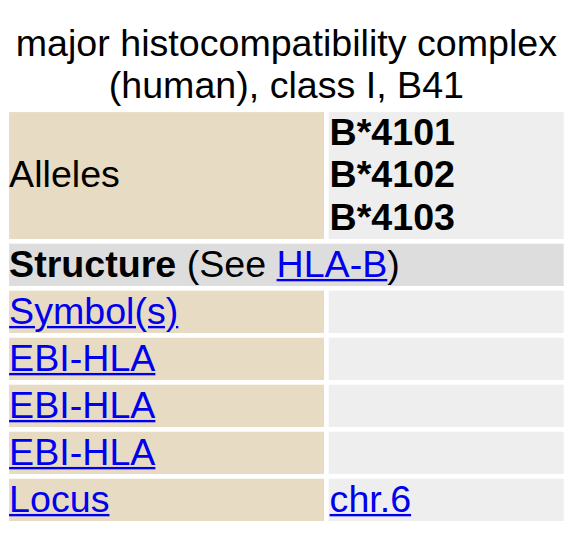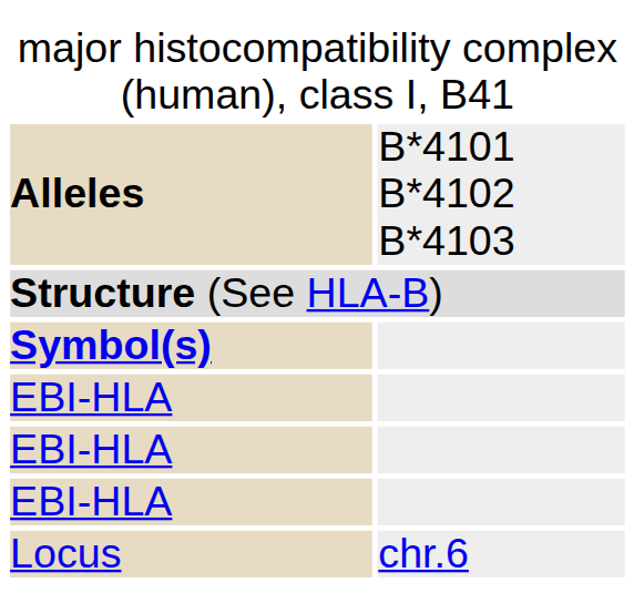 <table id="drugInfoBox" style="float: right; clear: right; margin: 0 0 0.5em 1em; background: #ffffff;" class="toccolours" border=0 cellpadding=0 align=right width="240px">
 <tr>
 <td align="center" colspan="3"></td>
 </tr>
 <tr style="text-align: center; line-height: 1.00;background:#eeeeee">
 <td colspan="3" color="white"></td>
 </tr>
 <tr>
 <td align="center" colspan="2"></td>
 </tr>
 <tr>
 <td align="center" colspan="2"><div>major histocompatibility complex (human), class I, B41</div></td>
 </tr>
 <tr>
-<td bgcolor="#e7dcc3">Alleles</td>
-<td bgcolor="#eeeeee"><strong>B*4101 <br> B*4102 <br> B*4103 <br></strong></td>
+<td bgcolor="#e7dcc3"><strong>Alleles</strong></td>
+<td bgcolor="#eeeeee">B*4101 <br> B*4102 <br> B*4103 <br></td>
 </tr>
 <tr>
 <td colspan="2" bgcolor="#dddddd"><strong>Structure</strong> (See <a href='#'>HLA-B</a>)</td>
 </tr>
 <tr>
-<td bgcolor="#e7dcc3"><a href='#'>Symbol(s)</a></td>
+<td bgcolor="#e7dcc3"><strong><a href='#'>Symbol(s)</a></strong></td>
 <td bgcolor="#eeeeee"></td>
 </tr>
 <tr>
 <td bgcolor="#e7dcc3"><a href='#'>EBI-HLA</a></td>
 <td bgcolor="#eeeeee"></td>
 </tr>
 <tr>
 <td bgcolor="#e7dcc3"><a href='#'>EBI-HLA</a></td>
 <td bgcolor="#eeeeee"></td>
 </tr>
 <tr>
 <td bgcolor="#e7dcc3"><a href='#'>EBI-HLA</a></td>
 <td bgcolor="#eeeeee"></td>
 </tr>
 <tr>
 <td bgcolor="#e7dcc3"><a href='#'>Locus</a></td>
 <td bgcolor="#eeeeee"><a href='#'>chr.6</a> <em></em></td>
 </tr>
 <tr>
 </tr>
 </table>
